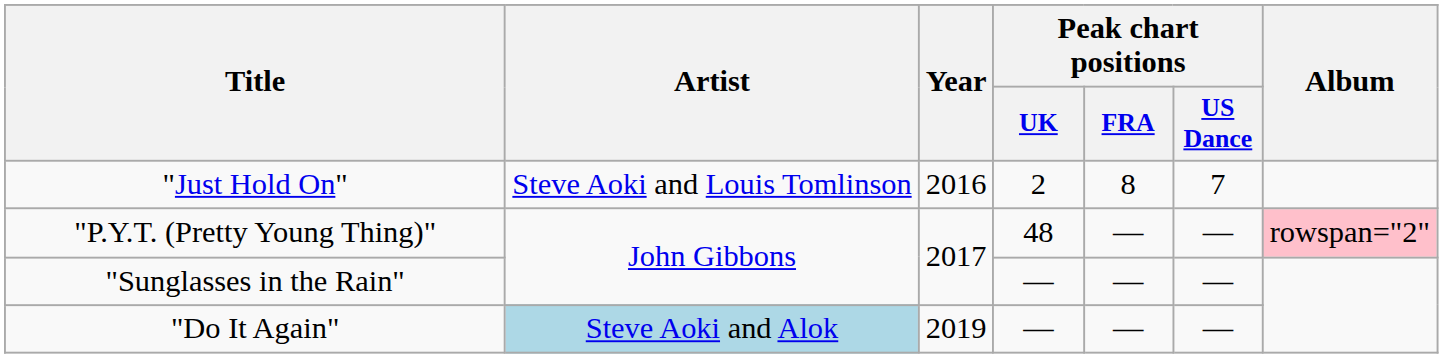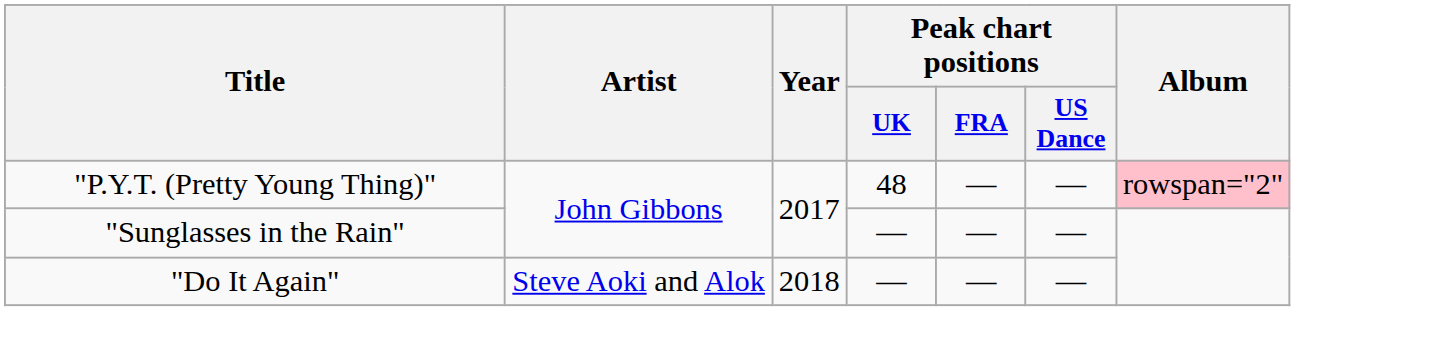 <table class="wikitable plainrowheaders" style="text-align:center;">
 <tr>
 <th rowspan="2" scope="col" style="width:16em;">Title</th>
 <th rowspan="2">Artist</th>
 <th rowspan="2" scope="col" style="width:1em;">Year</th>
 <th colspan="3" scope="col">Peak chart positions</th>
 <th rowspan="2">Album</th>
 </tr>
 <tr>
 <th scope="col" style="width:3em;font-size:85%;"><a href='#'>UK</a></th>
 <th scope="col" style="width:3em;font-size:85%;"><a href='#'>FRA</a></th>
 <th scope="col" style="width:3em;font-size:85%;"><a href='#'>US Dance</a></th>
-</tr>
-<tr>
-<td scope="row">"<a href='#'>Just Hold On</a>"</td>
-<td><a href='#'>Steve Aoki</a> and <a href='#'>Louis Tomlinson</a></td>
-<td>2016</td>
-<td>2</td>
-<td>8</td>
-<td>7</td>
-<td></td>
 </tr>
 <tr>
 <td>"P.Y.T. (Pretty Young Thing)"</td>
 <td rowspan="2"><a href='#'>John Gibbons</a></td>
 <td rowspan="2">2017</td>
 <td>48</td>
 <td>—</td>
 <td>—</td>
 <td style="background: pink;">rowspan="2" </td>
 </tr>
 <tr>
 <td>"Sunglasses in the Rain"<br></td>
 <td>—</td>
 <td>—</td>
 <td>—</td>
 </tr>
 <tr>
 <td>"Do It Again"</td>
-<td style="background: lightblue;"><a href='#'>Steve Aoki</a> and <a href='#'>Alok</a></td>
-<td>2019</td>
+<td><a href='#'>Steve Aoki</a> and <a href='#'>Alok</a></td>
+<td>2018</td>
 <td>—</td>
 <td>—</td>
 <td —>—</td>
 </tr>
 </table>
